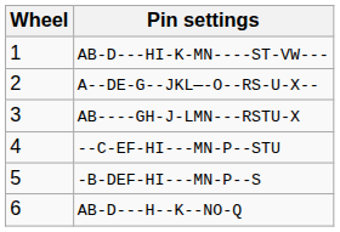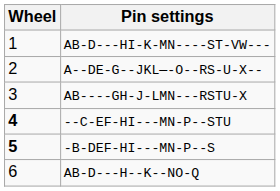 <table class="wikitable">
 <tr>
 <th>Wheel</th>
 <th>Pin settings</th>
 </tr>
 <tr>
 <td>1</td>
 <td><code>AB-D---HI-K-MN----ST-VW---</code></td>
 </tr>
 <tr>
 <td>2</td>
 <td><code>A--DE-G--JKL—-O--RS-U-X--</code></td>
 </tr>
 <tr>
 <td>3</td>
 <td><code>AB----GH-J-LMN---RSTU-X</code></td>
 </tr>
 <tr>
-<td>4</td>
+<td><strong>4</strong></td>
 <td><code>--C-EF-HI---MN-P--STU</code></td>
 </tr>
 <tr>
-<td>5</td>
+<td><strong>5</strong></td>
 <td><code>-B-DEF-HI---MN-P--S</code></td>
 </tr>
 <tr>
 <td>6</td>
 <td><code>AB-D---H--K--NO-Q</code></td>
 </tr>
 </table>
